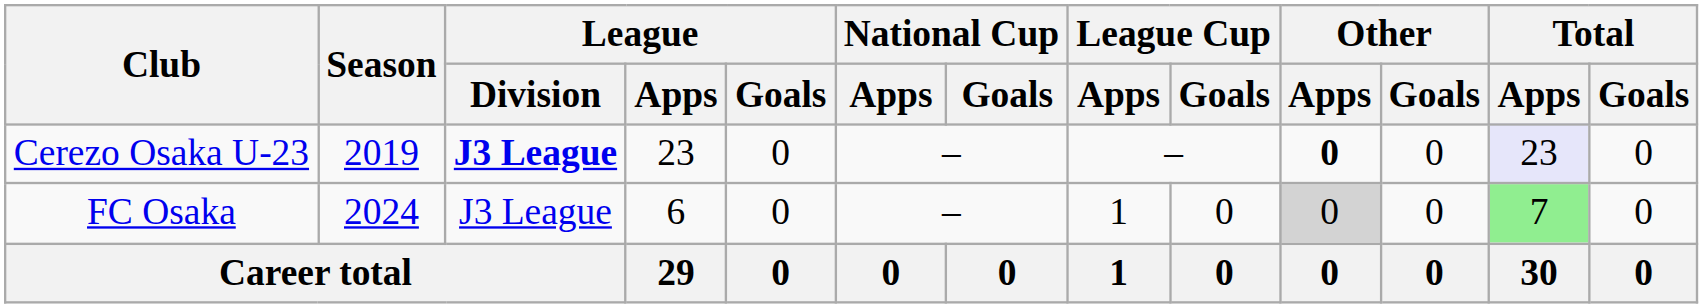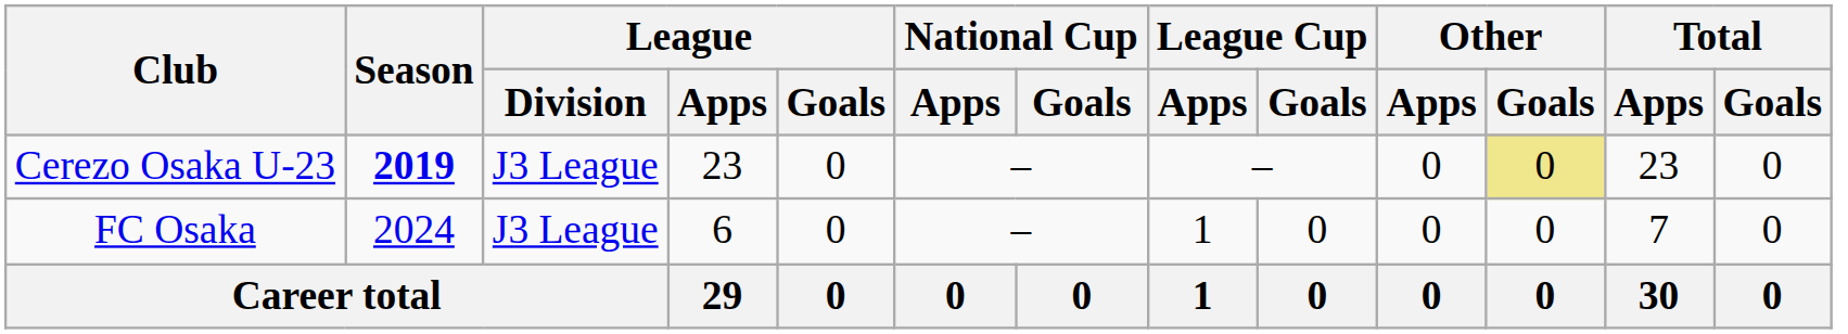 <table class="wikitable" style="text-align: center">
 <tr>
 <th rowspan="2">Club</th>
 <th rowspan="2">Season</th>
 <th colspan="3">League</th>
 <th colspan="2">National Cup</th>
 <th colspan="2">League Cup</th>
 <th colspan="2">Other</th>
 <th colspan="2">Total</th>
 </tr>
 <tr>
 <th>Division</th>
 <th>Apps</th>
 <th>Goals</th>
 <th>Apps</th>
 <th>Goals</th>
 <th>Apps</th>
 <th>Goals</th>
 <th>Apps</th>
 <th>Goals</th>
 <th>Apps</th>
 <th>Goals</th>
 </tr>
 <tr>
 <td><a href='#'>Cerezo Osaka U-23</a></td>
-<td><a href='#'>2019</a></td>
-<td><strong><a href='#'>J3 League</a></strong></td>
+<td><strong><a href='#'>2019</a></strong></td>
+<td><a href='#'>J3 League</a></td>
 <td>23</td>
 <td>0</td>
 <td colspan="2">–</td>
 <td colspan="2">–</td>
-<td><strong>0</strong></td>
 <td>0</td>
-<td style="background: lavender;">23</td>
+<td style="background: khaki;">0</td>
+<td>23</td>
 <td>0</td>
 </tr>
 <tr>
 <td><a href='#'>FC Osaka</a></td>
 <td><a href='#'>2024</a></td>
 <td><a href='#'>J3 League</a></td>
 <td>6</td>
 <td>0</td>
 <td colspan="2">–</td>
 <td>1</td>
 <td>0</td>
-<td style="background: lightgrey;">0</td>
 <td>0</td>
-<td style="background: lightgreen;">7</td>
+<td>0</td>
+<td>7</td>
 <td>0</td>
 </tr>
 <tr>
 <th colspan=3>Career total</th>
 <th>29</th>
 <th>0</th>
 <th>0</th>
 <th>0</th>
 <th>1</th>
 <th>0</th>
 <th>0</th>
 <th>0</th>
 <th>30</th>
 <th>0</th>
 </tr>
 </table>
